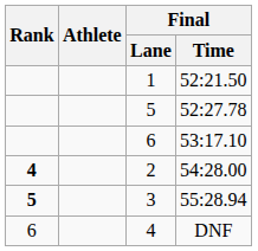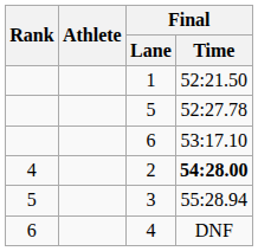 <table class="wikitable sortable"  style="text-align:center">
 <tr>
 <th rowspan="2" data-sort-type=number>Rank</th>
 <th rowspan="2">Athlete</th>
 <th colspan="2">Final</th>
 </tr>
 <tr>
 <th>Lane</th>
 <th>Time</th>
 </tr>
 <tr>
 <td></td>
 <td align="left"></td>
 <td>1</td>
 <td>52:21.50</td>
 </tr>
 <tr>
 <td></td>
 <td align="left"></td>
 <td>5</td>
 <td>52:27.78</td>
 </tr>
 <tr>
 <td></td>
 <td align="left"></td>
 <td>6</td>
 <td>53:17.10</td>
 </tr>
 <tr>
-<td><strong>4</strong></td>
+<td>4</td>
 <td align="left"></td>
 <td>2</td>
-<td>54:28.00</td>
+<td><strong>54:28.00</strong></td>
 </tr>
 <tr>
-<td><strong>5</strong></td>
+<td>5</td>
 <td align="left"></td>
 <td>3</td>
 <td>55:28.94</td>
 </tr>
 <tr>
 <td>6</td>
 <td align="left"></td>
 <td>4</td>
 <td>DNF</td>
 </tr>
 </table>
